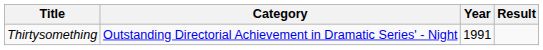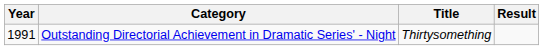 <table class="wikitable">
 <tr>
+<th>Year</th>
+<th>Category</th>
 <th>Title</th>
-<th>Category</th>
-<th>Year</th>
 <th>Result</th>
 </tr>
 <tr>
+<td>1991</td>
+<td><a href='#'>Outstanding Directorial Achievement in Dramatic Series' - Night</a></td>
 <td><em>Thirtysomething</em></td>
-<td><a href='#'>Outstanding Directorial Achievement in Dramatic Series' - Night</a></td>
-<td>1991</td>
 <td></td>
 </tr>
 </table>
